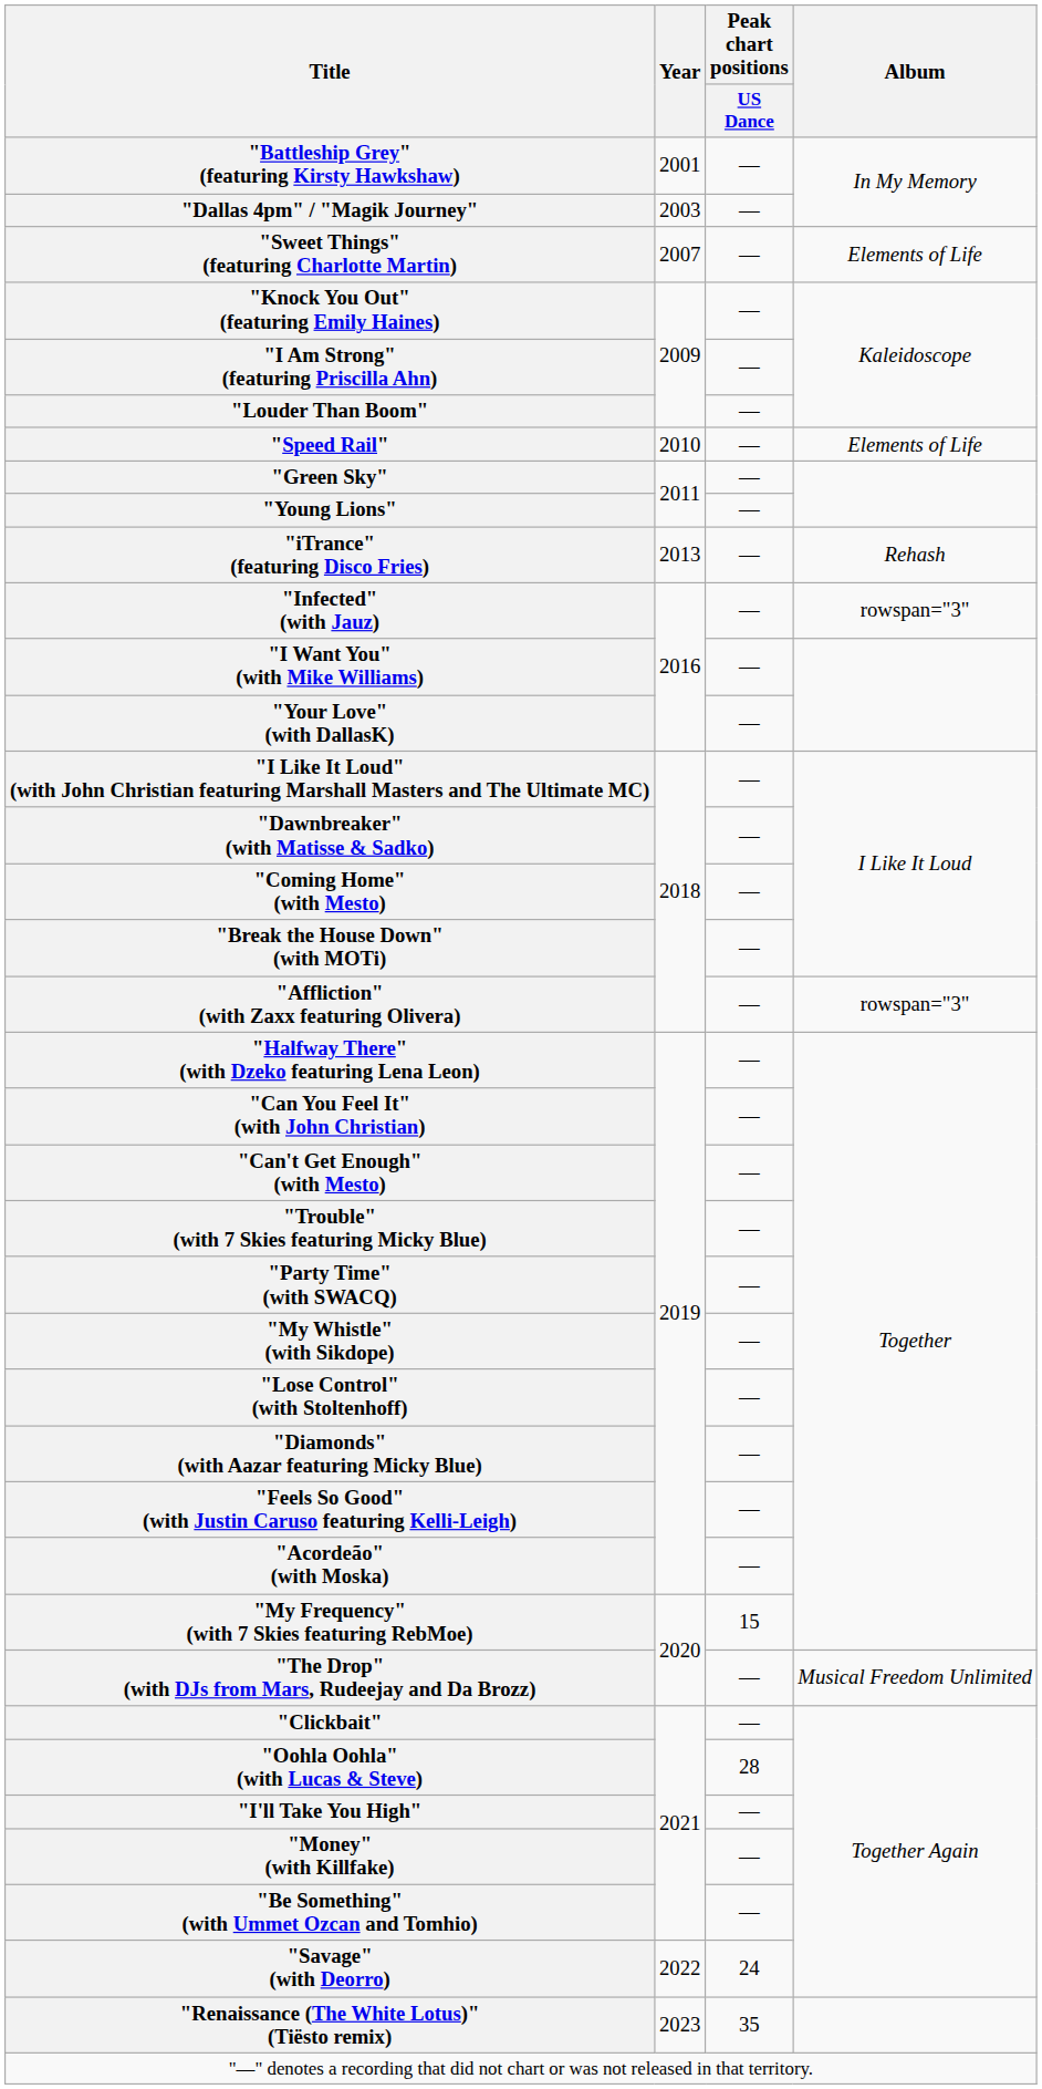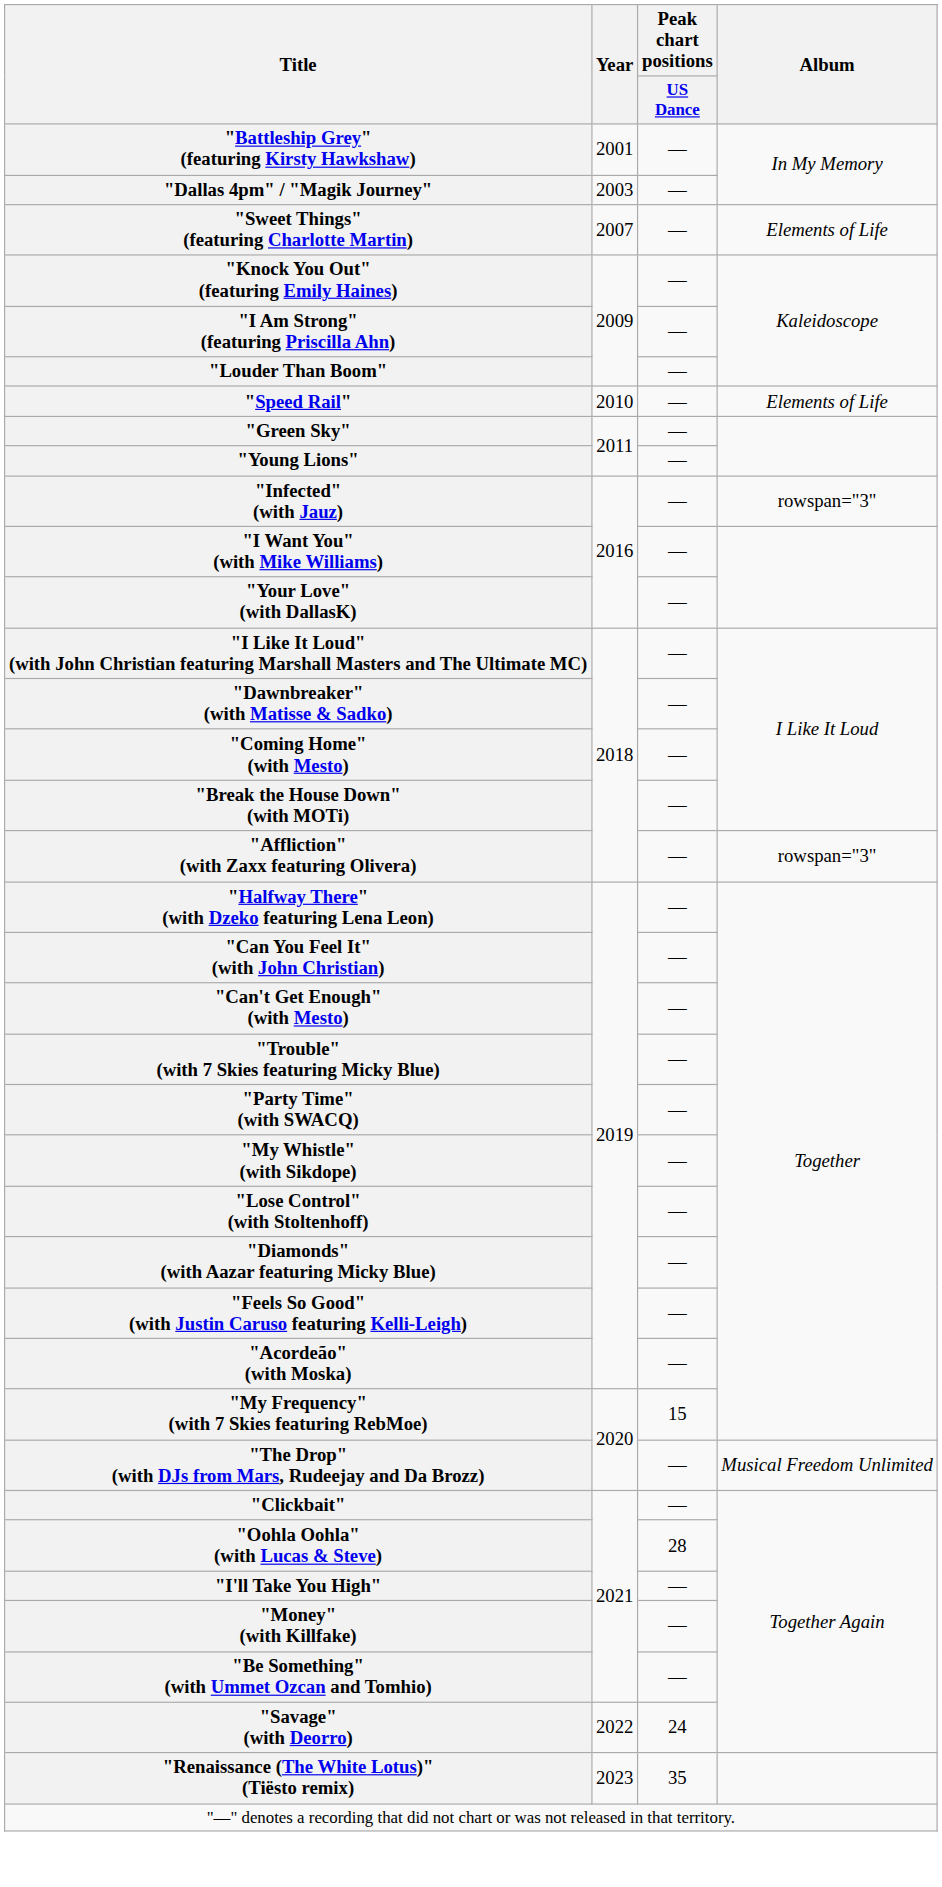 <table class="wikitable plainrowheaders" style="text-align:center">
 <tr>
 <th scope="col" rowspan="2">Title</th>
 <th scope="col" rowspan="2">Year</th>
 <th scope="col" colspan="1">Peak chart positions</th>
 <th scope="col" rowspan="2">Album</th>
 </tr>
 <tr>
 <th scope="col" style="width:2.5em;font-size:90%;"><a href='#'>US<br>Dance</a><br></th>
 </tr>
 <tr>
 <th scope="row">"<a href='#'>Battleship Grey</a>"<br><span>(featuring <a href='#'>Kirsty Hawkshaw</a>)</span></th>
 <td>2001</td>
 <td>—</td>
 <td rowspan="2"><em>In My Memory</em></td>
 </tr>
 <tr>
 <th scope="row">"Dallas 4pm" / "Magik Journey"</th>
 <td>2003</td>
 <td>—</td>
 </tr>
 <tr>
 <th scope="row">"Sweet Things"<br><span>(featuring <a href='#'>Charlotte Martin</a>)</span></th>
 <td>2007</td>
 <td>—</td>
 <td><em>Elements of Life</em></td>
 </tr>
 <tr>
 <th scope="row">"Knock You Out" <br><span>(featuring <a href='#'>Emily Haines</a>)</span></th>
 <td rowspan="3">2009</td>
 <td>—</td>
 <td rowspan="3"><em>Kaleidoscope</em></td>
 </tr>
 <tr>
 <th scope="row">"I Am Strong"<br><span>(featuring <a href='#'>Priscilla Ahn</a>)</span></th>
 <td>—</td>
 </tr>
 <tr>
 <th scope="row">"Louder Than Boom"</th>
 <td>—</td>
 </tr>
 <tr>
 <th scope="row">"<a href='#'>Speed Rail</a>"</th>
 <td>2010</td>
 <td>—</td>
 <td><em>Elements of Life</em></td>
 </tr>
 <tr>
 <th scope="row">"Green Sky"</th>
 <td rowspan="2">2011</td>
 <td>—</td>
 </tr>
 <tr>
 <th scope="row">"Young Lions"</th>
 <td>—</td>
-</tr>
-<tr>
-<th scope="row">"iTrance"<br><span>(featuring <a href='#'>Disco Fries</a>)</span></th>
-<td>2013</td>
-<td>—</td>
-<td><em>Rehash</em></td>
 </tr>
 <tr>
 <th scope="row">"Infected" <br><span>(with <a href='#'>Jauz</a>)</span></th>
 <td rowspan="3">2016</td>
 <td>—</td>
 <td>rowspan="3" </td>
 </tr>
 <tr>
 <th scope="row">"I Want You" <br><span>(with <a href='#'>Mike Williams</a>)</span></th>
 <td>—</td>
 </tr>
 <tr>
 <th scope="row">"Your Love" <br><span>(with DallasK)</span></th>
 <td>—</td>
 </tr>
 <tr>
 <th scope="row">"I Like It Loud"<br><span>(with John Christian featuring Marshall Masters and The Ultimate MC)</span></th>
 <td rowspan="5">2018</td>
 <td>—</td>
 <td rowspan="4"><em>I Like It Loud</em></td>
 </tr>
 <tr>
 <th scope="row">"Dawnbreaker"<br><span>(with <a href='#'>Matisse & Sadko</a>)</span></th>
 <td>—</td>
 </tr>
 <tr>
 <th scope="row">"Coming Home"<br><span>(with <a href='#'>Mesto</a>)</span></th>
 <td>—</td>
 </tr>
 <tr>
 <th scope="row">"Break the House Down"<br><span>(with MOTi)</span></th>
 <td>—</td>
 </tr>
 <tr>
 <th scope="row">"Affliction" <br><span>(with Zaxx featuring Olivera)</span></th>
 <td>—</td>
 <td>rowspan="3" </td>
 </tr>
 <tr>
 <th scope="row">"<a href='#'>Halfway There</a>"<br><span>(with <a href='#'>Dzeko</a> featuring Lena Leon)</span></th>
 <td rowspan="10">2019</td>
 <td>—</td>
 <td rowspan="11"><em>Together</em></td>
 </tr>
 <tr>
 <th scope="row">"Can You Feel It" <br><span>(with <a href='#'>John Christian</a>)</span></th>
 <td>—</td>
 </tr>
 <tr>
 <th scope="row">"Can't Get Enough" <br><span>(with <a href='#'>Mesto</a>)</span></th>
 <td>—</td>
 </tr>
 <tr>
 <th scope="row">"Trouble" <br><span>(with 7 Skies featuring Micky Blue)</span></th>
 <td>—</td>
 </tr>
 <tr>
 <th scope="row">"Party Time" <br><span>(with SWACQ)</span></th>
 <td>—</td>
 </tr>
 <tr>
 <th scope="row">"My Whistle" <br><span>(with Sikdope)</span></th>
 <td>—</td>
 </tr>
 <tr>
 <th scope="row">"Lose Control" <br><span>(with Stoltenhoff)</span></th>
 <td>—</td>
 </tr>
 <tr>
 <th scope="row">"Diamonds" <br><span>(with Aazar featuring Micky Blue)</span></th>
 <td>—</td>
 </tr>
 <tr>
 <th scope="row">"Feels So Good" <br><span>(with <a href='#'>Justin Caruso</a> featuring <a href='#'>Kelli-Leigh</a>)</span></th>
 <td>—</td>
 </tr>
 <tr>
 <th scope="row">"Acordeão" <br><span>(with Moska)</span></th>
 <td>—</td>
 </tr>
 <tr>
 <th scope="row">"My Frequency" <br><span>(with 7 Skies featuring RebMoe)</span></th>
 <td rowspan="2">2020</td>
 <td>15</td>
 </tr>
 <tr>
 <th scope="row">"The Drop" <br><span>(with <a href='#'>DJs from Mars</a>, Rudeejay and Da Brozz)</span></th>
 <td>—</td>
 <td><em>Musical Freedom Unlimited</em></td>
 </tr>
 <tr>
 <th scope="row">"Clickbait"</th>
 <td rowspan="5">2021</td>
 <td>—</td>
 <td rowspan="6"><em>Together Again</em></td>
 </tr>
 <tr>
 <th scope="row">"Oohla Oohla" <br><span>(with <a href='#'>Lucas & Steve</a>)</span></th>
 <td>28</td>
 </tr>
 <tr>
 <th scope="row">"I'll Take You High"</th>
 <td>—</td>
 </tr>
 <tr>
 <th scope="row">"Money" <br><span>(with Killfake)</span></th>
 <td>—</td>
 </tr>
 <tr>
 <th scope="row">"Be Something" <br><span>(with <a href='#'>Ummet Ozcan</a> and Tomhio)</span></th>
 <td>—</td>
 </tr>
 <tr>
 <th scope="row">"Savage" <br><span>(with <a href='#'>Deorro</a>)</span></th>
 <td>2022</td>
 <td>24</td>
 </tr>
 <tr>
 <th scope="row">"Renaissance (<a href='#'>The White Lotus</a>)" <br><span>(Tiësto remix)</span></th>
 <td>2023</td>
 <td>35</td>
 <td></td>
 </tr>
 <tr>
 <td colspan="4" style="font-size:90%">"—" denotes a recording that did not chart or was not released in that territory.</td>
 </tr>
 </table>
